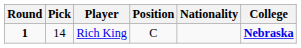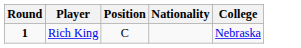 <table class="wikitable sortable sortable">
 <tr>
 <th>Round</th>
-<th>Pick</th>
 <th>Player</th>
 <th>Position</th>
 <th>Nationality</th>
 <th>College</th>
 </tr>
 <tr style="text-align: center">
 <td><strong>1</strong></td>
-<td>14</td>
 <td><a href='#'>Rich King</a></td>
 <td>C</td>
 <td></td>
-<td><strong><a href='#'>Nebraska</a></strong></td>
+<td><a href='#'>Nebraska</a></td>
 </tr>
 </table>
